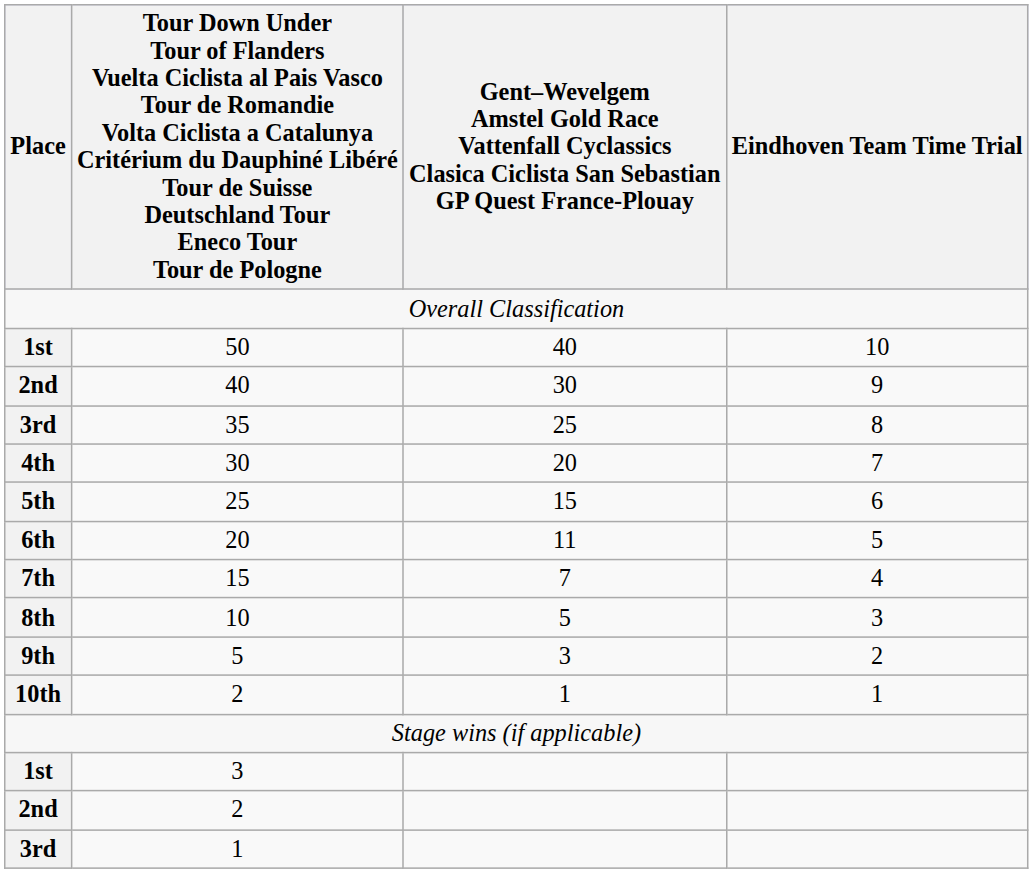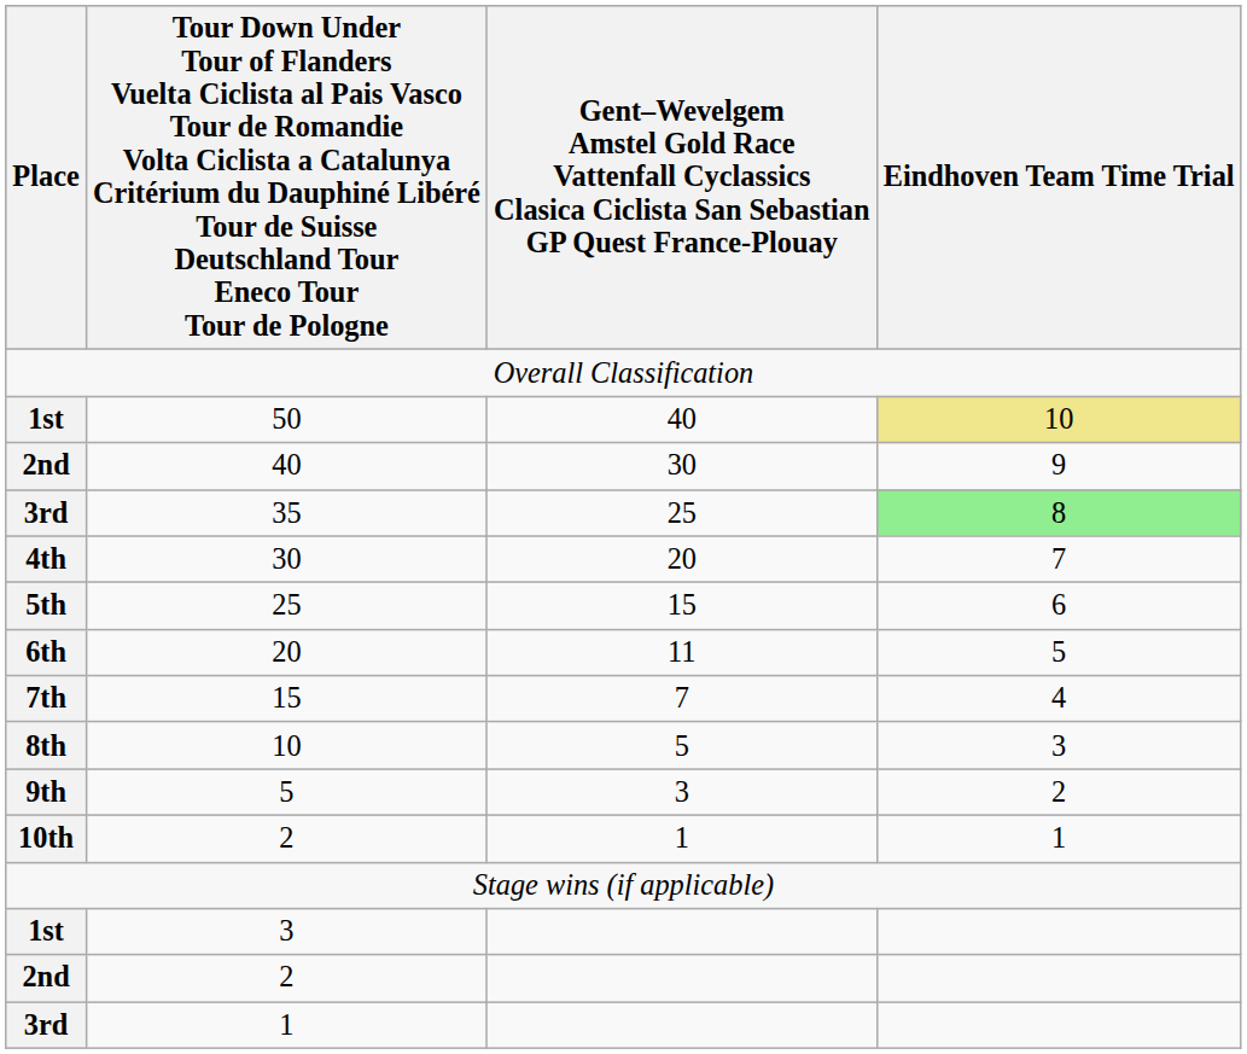 <table class="wikitable">
 <tr style="background:#ccccff;">
 <th>Place</th>
 <th>Tour Down Under<br>Tour of Flanders<br>Vuelta Ciclista al Pais Vasco<br>Tour de Romandie<br>Volta Ciclista a Catalunya<br>Critérium du Dauphiné Libéré<br>Tour de Suisse<br>Deutschland Tour<br>Eneco Tour<br>Tour de Pologne</th>
 <th>Gent–Wevelgem<br>Amstel Gold Race<br>Vattenfall Cyclassics<br>Clasica Ciclista San Sebastian<br>GP Quest France-Plouay</th>
 <th>Eindhoven Team Time Trial</th>
 </tr>
 <tr>
 <td colspan=5 bgcolor=#f7f7f7 align=center><em>Overall Classification</em></td>
 </tr>
 <tr>
 <th>1st</th>
 <td align=center>50</td>
 <td align=center>40</td>
-<td align=center>10</td>
+<td align=center style="background: khaki;">10</td>
 </tr>
 <tr>
 <th>2nd</th>
 <td align=center>40</td>
 <td align=center>30</td>
 <td align=center>9</td>
 </tr>
 <tr>
 <th>3rd</th>
 <td align=center>35</td>
 <td align=center>25</td>
-<td align=center>8</td>
+<td align=center style="background: lightgreen;">8</td>
 </tr>
 <tr>
 <th>4th</th>
 <td align=center>30</td>
 <td align=center>20</td>
 <td align=center>7</td>
 </tr>
 <tr>
 <th>5th</th>
 <td align=center>25</td>
 <td align=center>15</td>
 <td align=center>6</td>
 </tr>
 <tr>
 <th>6th</th>
 <td align=center>20</td>
 <td align=center>11</td>
 <td align=center>5</td>
 </tr>
 <tr>
 <th>7th</th>
 <td align=center>15</td>
 <td align=center>7</td>
 <td align=center>4</td>
 </tr>
 <tr>
 <th>8th</th>
 <td align=center>10</td>
 <td align=center>5</td>
 <td align=center>3</td>
 </tr>
 <tr>
 <th>9th</th>
 <td align=center>5</td>
 <td align=center>3</td>
 <td align=center>2</td>
 </tr>
 <tr>
 <th>10th</th>
 <td align=center>2</td>
 <td align=center>1</td>
 <td align=center>1</td>
 </tr>
 <tr>
 <td colspan=6 bgcolor=#f7f7f7 align=center><em>Stage wins (if applicable)</em></td>
 </tr>
 <tr>
 <th>1st</th>
 <td align=center>3</td>
 <td></td>
 <td></td>
 </tr>
 <tr>
 <th>2nd</th>
 <td align=center>2</td>
 <td></td>
 <td></td>
 </tr>
 <tr>
 <th>3rd</th>
 <td align=center>1</td>
 <td></td>
 <td></td>
 </tr>
 </table>
